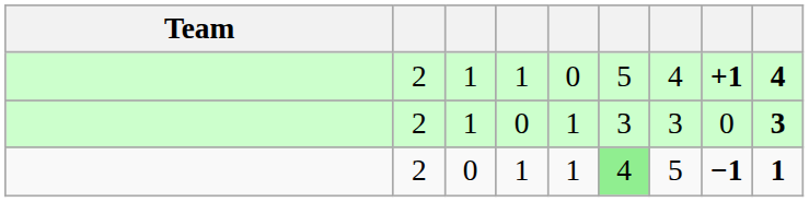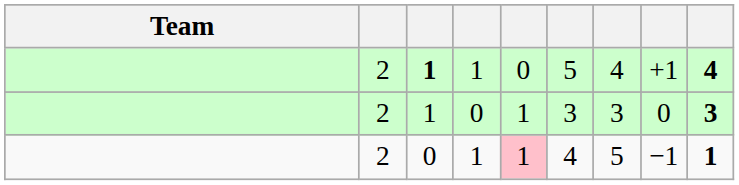 <table class="wikitable" style="text-align: center;">
 <tr>
 <th width=200>Team</th>
 <th width=20></th>
 <th width=20></th>
 <th width=20></th>
 <th width=20></th>
 <th width=20></th>
 <th width=20></th>
 <th width=20></th>
 <th width=20></th>
 </tr>
 <tr bgcolor=#ccffcc>
 <td align=left></td>
 <td>2</td>
-<td>1</td>
+<td><strong>1</strong></td>
 <td>1</td>
 <td>0</td>
 <td>5</td>
 <td>4</td>
-<td><strong>+1</strong></td>
+<td>+1</td>
 <td><strong>4</strong></td>
 </tr>
 <tr bgcolor=#ccffcc>
 <td align=left></td>
 <td>2</td>
 <td>1</td>
 <td>0</td>
 <td>1</td>
 <td>3</td>
 <td>3</td>
 <td>0</td>
 <td><strong>3</strong></td>
 </tr>
 <tr>
 <td align=left></td>
 <td>2</td>
 <td>0</td>
 <td>1</td>
-<td>1</td>
-<td style="background: lightgreen;">4</td>
+<td style="background: pink;">1</td>
+<td>4</td>
 <td>5</td>
-<td><strong>−1</strong></td>
+<td>−1</td>
 <td><strong>1</strong></td>
 </tr>
 </table>
